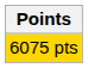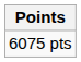 <table class="wikitable" border="1" align="upright">
 <tr>
 <th>Points</th>
 </tr>
 <tr>
-<td style="background: gold;">6075 pts</td>
+<td>6075 pts</td>
 </tr>
 </table>
